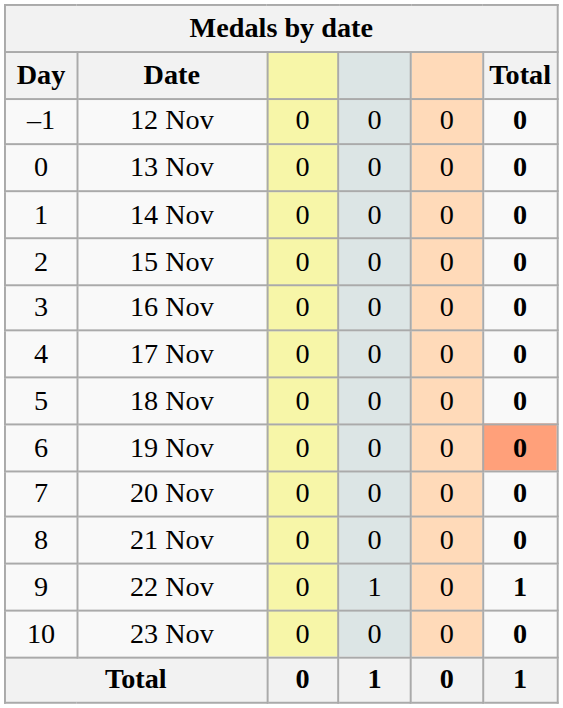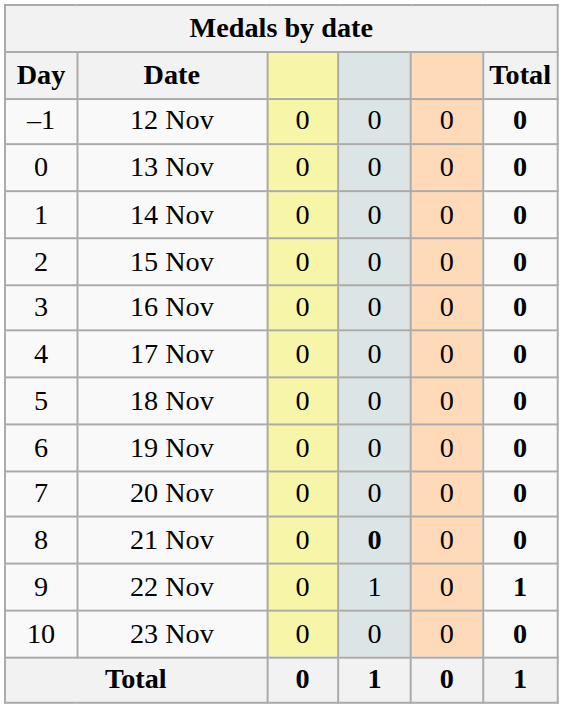 <table class="wikitable" style="font-size:90%; text-align:center;">
 <tr style="background:#efefef;">
 <th colspan=6><strong>Medals by date</strong></th>
 </tr>
 <tr>
 <th width=30><strong>Day</strong></th>
 <th width=90><strong>Date</strong></th>
 <th width=30 style="background:#F7F6A8;"></th>
 <th width=30 style="background:#DCE5E5;"></th>
 <th width=30 style="background:#FFDAB9;"></th>
 <th width=30><strong>Total</strong></th>
 </tr>
 <tr>
 <td>–1</td>
 <td>12 Nov</td>
 <td style="background:#F7F6A8;">0</td>
 <td style="background:#DCE5E5;">0</td>
 <td style="background:#FFDAB9;">0</td>
 <td><strong>0</strong></td>
 </tr>
 <tr>
 <td>0</td>
 <td>13 Nov</td>
 <td style="background:#F7F6A8;">0</td>
 <td style="background:#DCE5E5;">0</td>
 <td style="background:#FFDAB9;">0</td>
 <td><strong>0</strong></td>
 </tr>
 <tr>
 <td>1</td>
 <td>14 Nov</td>
 <td style="background:#F7F6A8;">0</td>
 <td style="background:#DCE5E5;">0</td>
 <td style="background:#FFDAB9;">0</td>
 <td><strong>0</strong></td>
 </tr>
 <tr>
 <td>2</td>
 <td>15 Nov</td>
 <td style="background:#F7F6A8;">0</td>
 <td style="background:#DCE5E5;">0</td>
 <td style="background:#FFDAB9;">0</td>
 <td><strong>0</strong></td>
 </tr>
 <tr>
 <td>3</td>
 <td>16 Nov</td>
 <td style="background:#F7F6A8;">0</td>
 <td style="background:#DCE5E5;">0</td>
 <td style="background:#FFDAB9;">0</td>
 <td><strong>0</strong></td>
 </tr>
 <tr>
 <td>4</td>
 <td>17 Nov</td>
 <td style="background:#F7F6A8;">0</td>
 <td style="background:#DCE5E5;">0</td>
 <td style="background:#FFDAB9;">0</td>
 <td><strong>0</strong></td>
 </tr>
 <tr>
 <td>5</td>
 <td>18 Nov</td>
 <td style="background:#F7F6A8;">0</td>
 <td style="background:#DCE5E5;">0</td>
 <td style="background:#FFDAB9;">0</td>
 <td><strong>0</strong></td>
 </tr>
 <tr>
 <td>6</td>
 <td>19 Nov</td>
 <td style="background:#F7F6A8;">0</td>
 <td style="background:#DCE5E5;">0</td>
 <td style="background:#FFDAB9;">0</td>
-<td style="background: lightsalmon;"><strong>0</strong></td>
+<td><strong>0</strong></td>
 </tr>
 <tr>
 <td>7</td>
 <td>20 Nov</td>
 <td style="background:#F7F6A8;">0</td>
 <td style="background:#DCE5E5;">0</td>
 <td style="background:#FFDAB9;">0</td>
 <td><strong>0</strong></td>
 </tr>
 <tr>
 <td>8</td>
 <td>21 Nov</td>
 <td style="background:#F7F6A8;">0</td>
-<td style="background:#DCE5E5;">0</td>
+<td style="background:#DCE5E5;"><strong>0</strong></td>
 <td style="background:#FFDAB9;">0</td>
 <td><strong>0</strong></td>
 </tr>
 <tr>
 <td>9</td>
 <td>22 Nov</td>
 <td style="background:#F7F6A8;">0</td>
 <td style="background:#DCE5E5;">1</td>
 <td style="background:#FFDAB9;">0</td>
 <td><strong>1</strong></td>
 </tr>
 <tr>
 <td>10</td>
 <td>23 Nov</td>
 <td style="background:#F7F6A8;">0</td>
 <td style="background:#DCE5E5;">0</td>
 <td style="background:#FFDAB9;">0</td>
 <td><strong>0</strong></td>
 </tr>
 <tr>
 <th colspan="2"><strong>Total</strong></th>
 <th><strong>0</strong></th>
 <th><strong>1</strong></th>
 <th><strong>0</strong></th>
 <th><strong>1</strong></th>
 </tr>
 </table>
